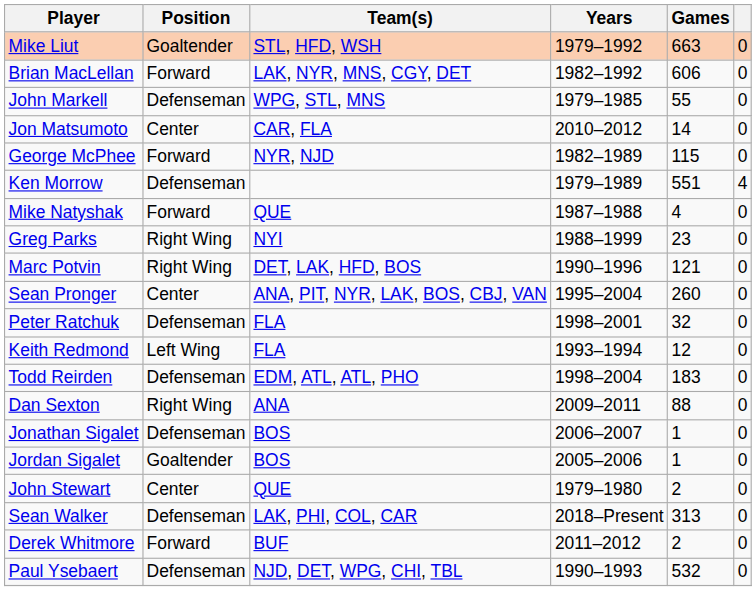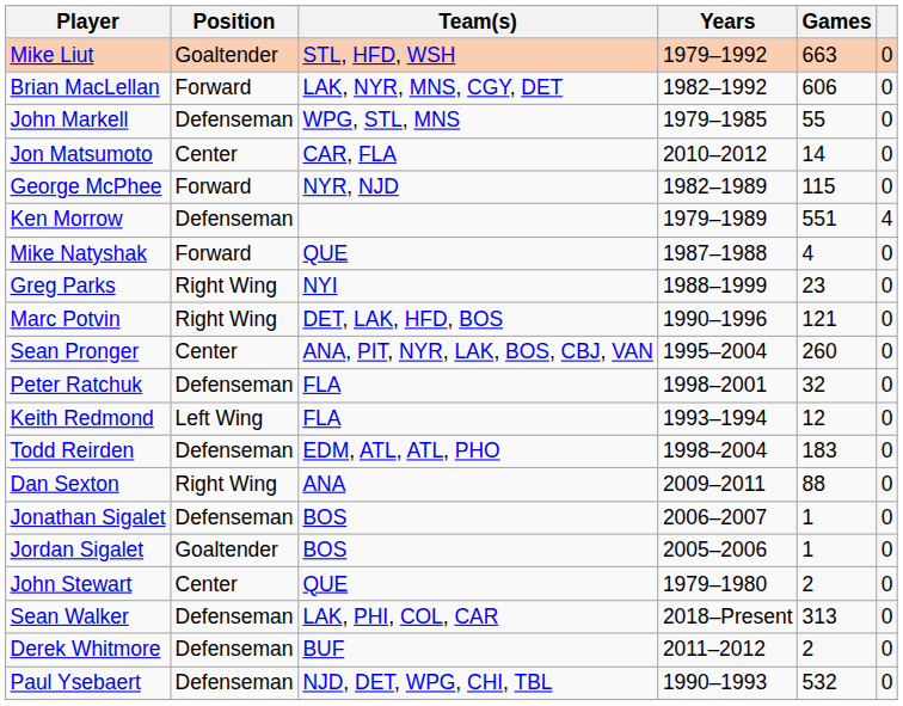 <table class="wikitable sortable">
 <tr>
 <th>Player</th>
 <th>Position</th>
 <th>Team(s)</th>
 <th>Years</th>
 <th>Games</th>
 <th><a href='#'></a></th>
 </tr>
 <tr bgcolor=#FBCEB1>
 <td><a href='#'>Mike Liut</a></td>
 <td>Goaltender</td>
 <td><a href='#'>STL</a>, <a href='#'>HFD</a>, <a href='#'>WSH</a></td>
 <td>1979–1992</td>
 <td>663</td>
 <td>0</td>
 </tr>
 <tr>
 <td><a href='#'>Brian MacLellan</a></td>
 <td>Forward</td>
 <td><a href='#'>LAK</a>, <a href='#'>NYR</a>, <a href='#'>MNS</a>, <a href='#'>CGY</a>, <a href='#'>DET</a></td>
 <td>1982–1992</td>
 <td>606</td>
 <td>0</td>
 </tr>
 <tr>
 <td><a href='#'>John Markell</a></td>
 <td>Defenseman</td>
 <td><a href='#'>WPG</a>, <a href='#'>STL</a>, <a href='#'>MNS</a></td>
 <td>1979–1985</td>
 <td>55</td>
 <td>0</td>
 </tr>
 <tr>
 <td><a href='#'>Jon Matsumoto</a></td>
 <td>Center</td>
 <td><a href='#'>CAR</a>, <a href='#'>FLA</a></td>
 <td>2010–2012</td>
 <td>14</td>
 <td>0</td>
 </tr>
 <tr>
 <td><a href='#'>George McPhee</a></td>
 <td>Forward</td>
 <td><a href='#'>NYR</a>, <a href='#'>NJD</a></td>
 <td>1982–1989</td>
 <td>115</td>
 <td>0</td>
 </tr>
 <tr>
 <td><a href='#'>Ken Morrow</a></td>
 <td>Defenseman</td>
 <td><span><strong></strong></span></td>
 <td>1979–1989</td>
 <td>551</td>
 <td>4</td>
 </tr>
 <tr>
 <td><a href='#'>Mike Natyshak</a></td>
 <td>Forward</td>
 <td><a href='#'>QUE</a></td>
 <td>1987–1988</td>
 <td>4</td>
 <td>0</td>
 </tr>
 <tr>
 <td><a href='#'>Greg Parks</a></td>
 <td>Right Wing</td>
 <td><a href='#'>NYI</a></td>
 <td>1988–1999</td>
 <td>23</td>
 <td>0</td>
 </tr>
 <tr>
 <td><a href='#'>Marc Potvin</a></td>
 <td>Right Wing</td>
 <td><a href='#'>DET</a>, <a href='#'>LAK</a>, <a href='#'>HFD</a>, <a href='#'>BOS</a></td>
 <td>1990–1996</td>
 <td>121</td>
 <td>0</td>
 </tr>
 <tr>
 <td><a href='#'>Sean Pronger</a></td>
 <td>Center</td>
 <td><a href='#'>ANA</a>, <a href='#'>PIT</a>, <a href='#'>NYR</a>, <a href='#'>LAK</a>, <a href='#'>BOS</a>, <a href='#'>CBJ</a>, <a href='#'>VAN</a></td>
 <td>1995–2004</td>
 <td>260</td>
 <td>0</td>
 </tr>
 <tr>
 <td><a href='#'>Peter Ratchuk</a></td>
 <td>Defenseman</td>
 <td><a href='#'>FLA</a></td>
 <td>1998–2001</td>
 <td>32</td>
 <td>0</td>
 </tr>
 <tr>
 <td><a href='#'>Keith Redmond</a></td>
 <td>Left Wing</td>
 <td><a href='#'>FLA</a></td>
 <td>1993–1994</td>
 <td>12</td>
 <td>0</td>
 </tr>
 <tr>
 <td><a href='#'>Todd Reirden</a></td>
 <td>Defenseman</td>
 <td><a href='#'>EDM</a>, <a href='#'>ATL</a>, <a href='#'>ATL</a>, <a href='#'>PHO</a></td>
 <td>1998–2004</td>
 <td>183</td>
 <td>0</td>
 </tr>
 <tr>
 <td><a href='#'>Dan Sexton</a></td>
 <td>Right Wing</td>
 <td><a href='#'>ANA</a></td>
 <td>2009–2011</td>
 <td>88</td>
 <td>0</td>
 </tr>
 <tr>
 <td><a href='#'>Jonathan Sigalet</a></td>
 <td>Defenseman</td>
 <td><a href='#'>BOS</a></td>
 <td>2006–2007</td>
 <td>1</td>
 <td>0</td>
 </tr>
 <tr>
 <td><a href='#'>Jordan Sigalet</a></td>
 <td>Goaltender</td>
 <td><a href='#'>BOS</a></td>
 <td>2005–2006</td>
 <td>1</td>
 <td>0</td>
 </tr>
 <tr>
 <td><a href='#'>John Stewart</a></td>
 <td>Center</td>
 <td><a href='#'>QUE</a></td>
 <td>1979–1980</td>
 <td>2</td>
 <td>0</td>
 </tr>
 <tr>
 <td><a href='#'>Sean Walker</a></td>
 <td>Defenseman</td>
 <td><a href='#'>LAK</a>, <a href='#'>PHI</a>, <a href='#'>COL</a>, <a href='#'>CAR</a></td>
 <td>2018–Present</td>
 <td>313</td>
 <td>0</td>
 </tr>
 <tr>
 <td><a href='#'>Derek Whitmore</a></td>
-<td>Forward</td>
+<td>Defenseman</td>
 <td><a href='#'>BUF</a></td>
 <td>2011–2012</td>
 <td>2</td>
 <td>0</td>
 </tr>
 <tr>
 <td><a href='#'>Paul Ysebaert</a></td>
 <td>Defenseman</td>
 <td><a href='#'>NJD</a>, <a href='#'>DET</a>, <a href='#'>WPG</a>, <a href='#'>CHI</a>, <a href='#'>TBL</a></td>
 <td>1990–1993</td>
 <td>532</td>
 <td>0</td>
 </tr>
 <tr>
 </tr>
 </table>
